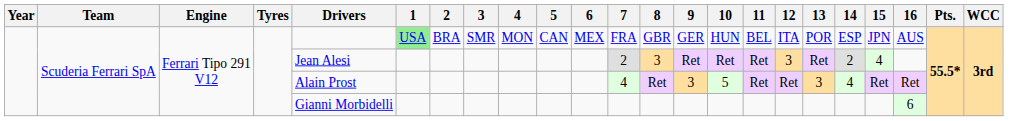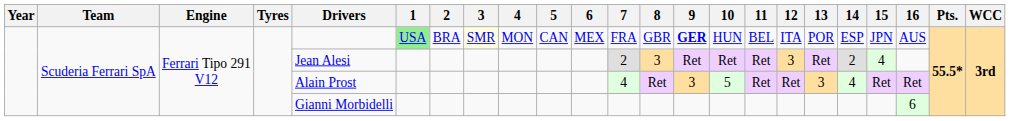 <table class="wikitable" style="text-align:center; font-size:95%">
 <tr>
 <th>Year</th>
 <th>Team</th>
 <th>Engine</th>
 <th>Tyres</th>
 <th>Drivers</th>
 <th>1</th>
 <th>2</th>
 <th>3</th>
 <th>4</th>
 <th>5</th>
 <th>6</th>
 <th>7</th>
 <th>8</th>
 <th>9</th>
 <th>10</th>
 <th>11</th>
 <th>12</th>
 <th>13</th>
 <th>14</th>
 <th>15</th>
 <th>16</th>
 <th>Pts.</th>
 <th>WCC</th>
 </tr>
 <tr>
 <td rowspan="4"></td>
 <td rowspan="4"><a href='#'>Scuderia Ferrari SpA</a></td>
 <td rowspan="4"><a href='#'>Ferrari</a> Tipo 291<br><a href='#'>V12</a></td>
 <td rowspan="4"></td>
 <td></td>
 <td style="background: lightgreen;"><a href='#'>USA</a></td>
 <td><a href='#'>BRA</a></td>
-<td><a href='#'>SMR</a></td>
+<td style="background: lightyellow;"><a href='#'>SMR</a></td>
 <td><a href='#'>MON</a></td>
 <td><a href='#'>CAN</a></td>
 <td><a href='#'>MEX</a></td>
 <td><a href='#'>FRA</a></td>
 <td><a href='#'>GBR</a></td>
-<td><a href='#'>GER</a></td>
+<td><strong><a href='#'>GER</a></strong></td>
 <td><a href='#'>HUN</a></td>
 <td><a href='#'>BEL</a></td>
 <td><a href='#'>ITA</a></td>
 <td><a href='#'>POR</a></td>
 <td><a href='#'>ESP</a></td>
 <td><a href='#'>JPN</a></td>
 <td><a href='#'>AUS</a></td>
 <td rowspan="4" style="background:#ffdf9f;"><strong>55.5*</strong></td>
 <td rowspan="4" style="background:#ffdf9f;"><strong>3rd</strong></td>
 </tr>
 <tr>
 <td align="left"><a href='#'>Jean Alesi</a></td>
 <td></td>
 <td></td>
 <td></td>
 <td></td>
 <td></td>
 <td></td>
 <td style="background:#dfdfdf;">2</td>
 <td style="background:#ffdf9f;">3</td>
 <td style="background:#efcfff;">Ret</td>
 <td style="background:#efcfff;">Ret</td>
 <td style="background:#efcfff;">Ret</td>
 <td style="background:#ffdf9f;">3</td>
 <td style="background:#efcfff;">Ret</td>
 <td style="background:#dfdfdf;">2</td>
 <td style="background:#dfffdf;">4</td>
 <td></td>
 </tr>
 <tr>
 <td align="left"><a href='#'>Alain Prost</a></td>
 <td></td>
 <td></td>
 <td></td>
 <td></td>
 <td></td>
 <td></td>
 <td style="background:#dfffdf;">4</td>
 <td style="background:#efcfff;">Ret</td>
 <td style="background:#ffdf9f;">3</td>
 <td style="background:#dfffdf;">5</td>
 <td style="background:#efcfff;">Ret</td>
 <td style="background:#efcfff;">Ret</td>
 <td style="background:#ffdf9f;">3</td>
 <td style="background:#dfffdf;">4</td>
 <td style="background:#efcfff;">Ret</td>
 <td style="background:#efcfff;">Ret</td>
 </tr>
 <tr>
 <td align="left"><a href='#'>Gianni Morbidelli</a></td>
 <td></td>
 <td></td>
 <td></td>
 <td></td>
 <td></td>
 <td></td>
 <td></td>
 <td></td>
 <td></td>
 <td></td>
 <td></td>
 <td></td>
 <td></td>
 <td></td>
 <td></td>
 <td style="background:#dfffdf;">6</td>
 </tr>
 </table>
